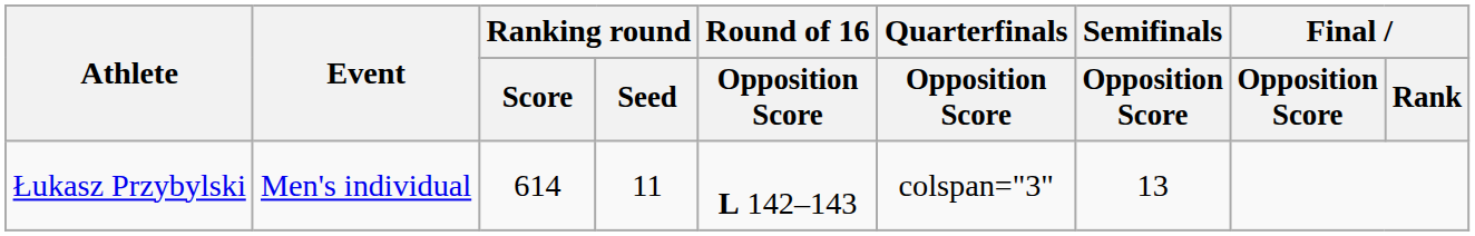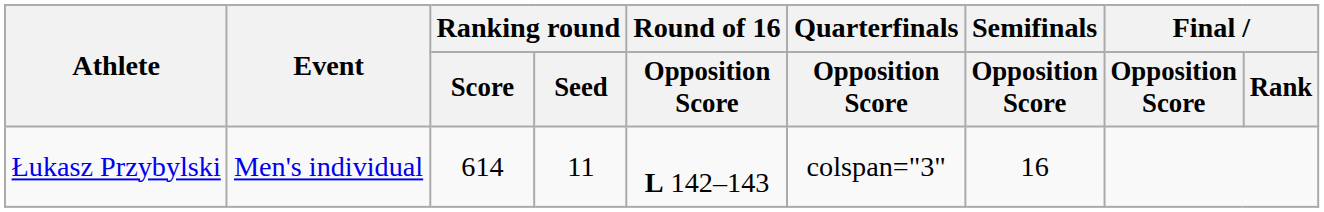 <table class="wikitable" style="text-align:center; font-size:90%">
 <tr>
 <th rowspan="2">Athlete</th>
 <th rowspan="2">Event</th>
 <th colspan="2">Ranking round</th>
 <th>Round of 16</th>
 <th>Quarterfinals</th>
 <th>Semifinals</th>
 <th colspan="2">Final / </th>
 </tr>
 <tr style="font-size:95%">
 <th>Score</th>
 <th>Seed</th>
 <th>Opposition<br>Score</th>
 <th>Opposition<br>Score</th>
 <th>Opposition<br>Score</th>
 <th>Opposition<br>Score</th>
 <th>Rank</th>
 </tr>
 <tr>
 <td align="left"><a href='#'>Łukasz Przybylski</a></td>
 <td align="left"><a href='#'>Men's individual</a></td>
 <td>614</td>
 <td>11</td>
 <td><br> <strong>L</strong> 142–143</td>
 <td>colspan="3" </td>
-<td>13</td>
+<td>16</td>
 </tr>
 </table>
